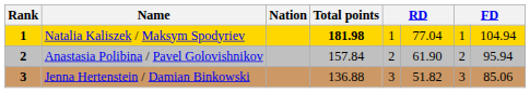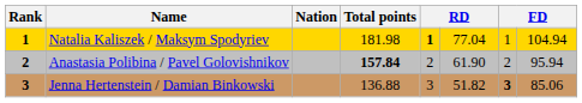 <table class="wikitable sortable">
 <tr>
 <th>Rank</th>
 <th>Name</th>
 <th>Nation</th>
 <th>Total points</th>
 <th colspan="2" width="80px"><a href='#'>RD</a></th>
 <th colspan="2" width="80px"><a href='#'>FD</a></th>
 </tr>
 <tr bgcolor="gold">
 <td align="center"><strong>1</strong></td>
 <td><a href='#'>Natalia Kaliszek</a> / <a href='#'>Maksym Spodyriev</a></td>
 <td></td>
-<td align="center"><strong>181.98</strong></td>
-<td align="center">1</td>
+<td align="center">181.98</td>
+<td align="center"><strong>1</strong></td>
 <td align="center">77.04</td>
 <td align="center">1</td>
 <td align="center">104.94</td>
 </tr>
 <tr bgcolor="silver">
 <td align="center"><strong>2</strong></td>
 <td><a href='#'>Anastasia Polibina</a> / <a href='#'>Pavel Golovishnikov</a></td>
 <td></td>
-<td align="center">157.84</td>
+<td align="center"><strong>157.84</strong></td>
 <td align="center">2</td>
 <td align="center">61.90</td>
 <td align="center">2</td>
 <td align="center">95.94</td>
 </tr>
 <tr bgcolor="cc9966">
 <td align="center"><strong>3</strong></td>
 <td><a href='#'>Jenna Hertenstein</a> / <a href='#'>Damian Binkowski</a></td>
 <td></td>
 <td align="center">136.88</td>
 <td align="center">3</td>
 <td align="center">51.82</td>
-<td align="center">3</td>
+<td align="center"><strong>3</strong></td>
 <td align="center">85.06</td>
 </tr>
 </table>
